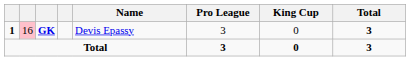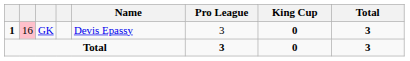 <table class="wikitable" style="text-align:center">
 <tr>
 <th width=15></th>
 <th width=15></th>
 <th width=15></th>
 <th width=15></th>
 <th width=160>Name</th>
 <th width=100>Pro League</th>
 <th width=100>King Cup</th>
 <th width=100>Total</th>
 </tr>
 <tr>
 <td><strong>1</strong></td>
 <td style="background: pink;">16</td>
-<td><strong><a href='#'>GK</a></strong></td>
+<td><a href='#'>GK</a></td>
 <td></td>
 <td align=left><a href='#'>Devis Epassy</a></td>
 <td>3</td>
-<td>0</td>
+<td><strong>0</strong></td>
 <td><strong>3</strong></td>
 </tr>
 <tr>
 <td colspan=5><strong>Total</strong></td>
 <td><strong>3</strong></td>
 <td><strong>0</strong></td>
 <td><strong>3</strong></td>
 </tr>
 </table>
